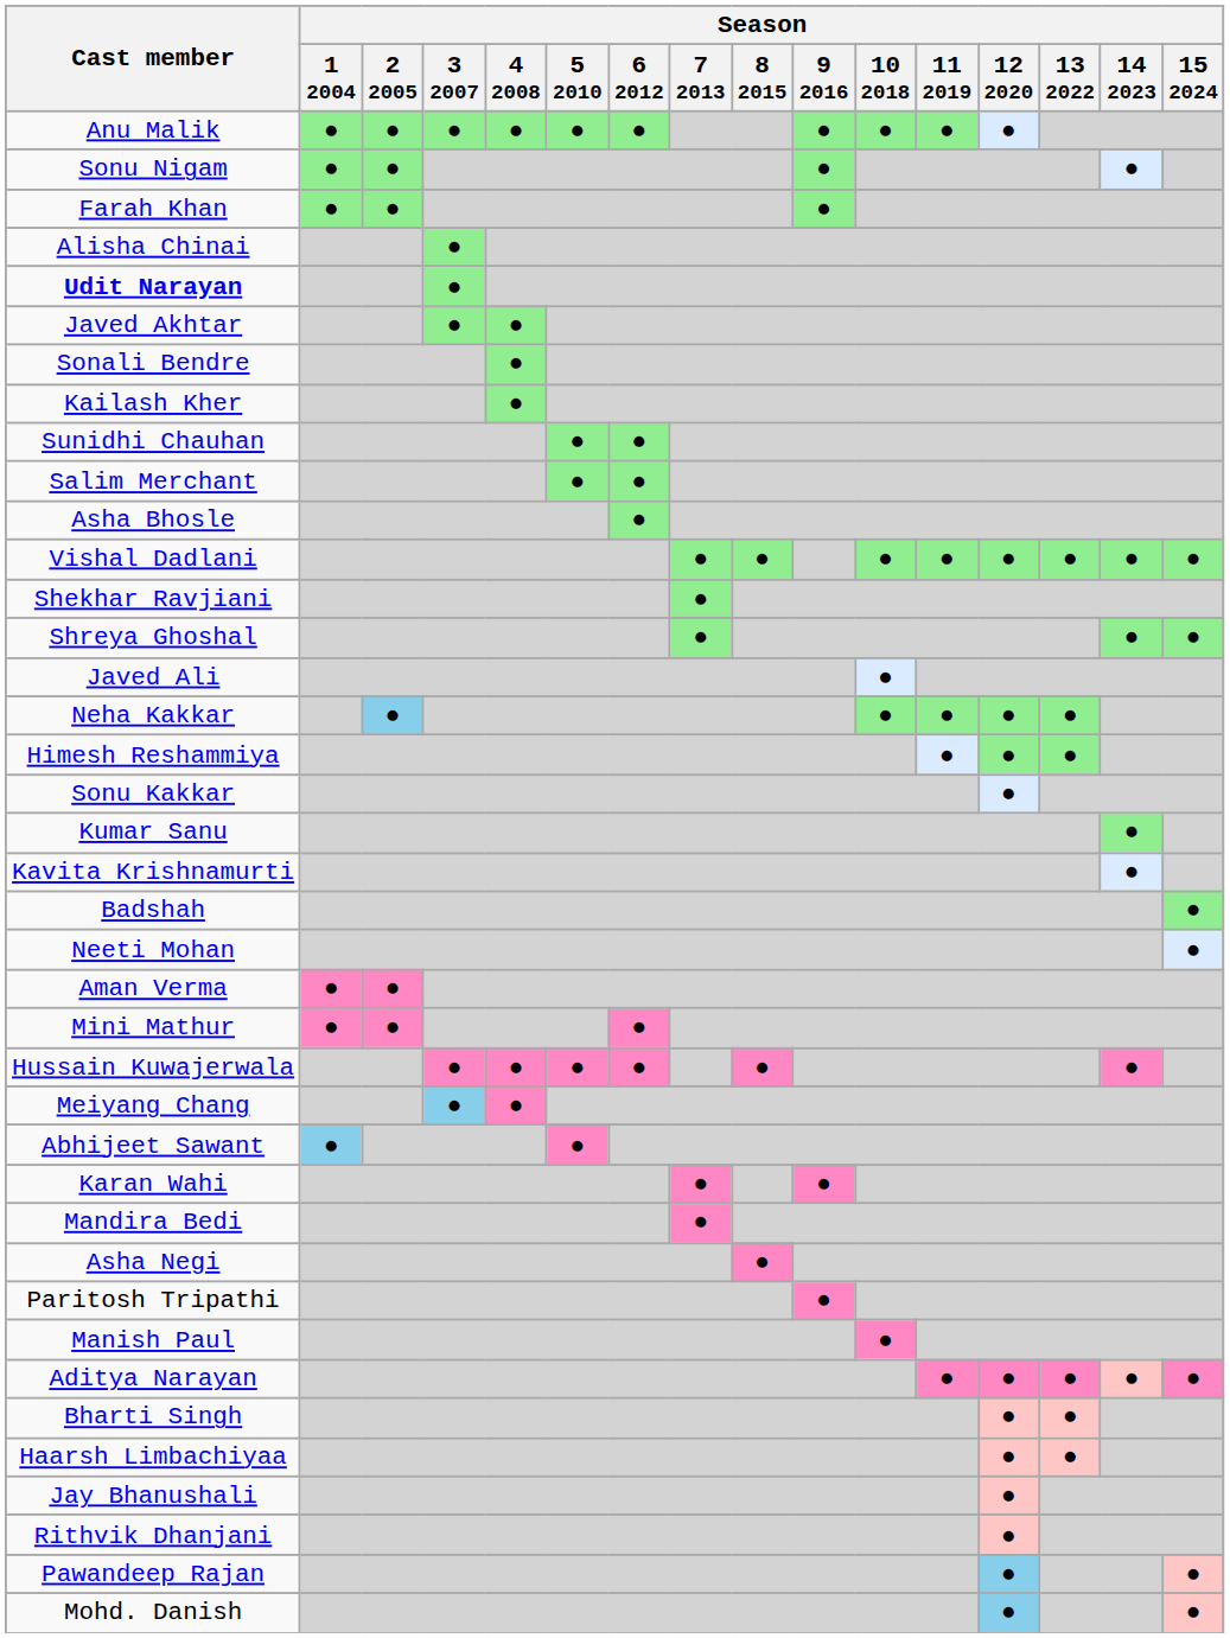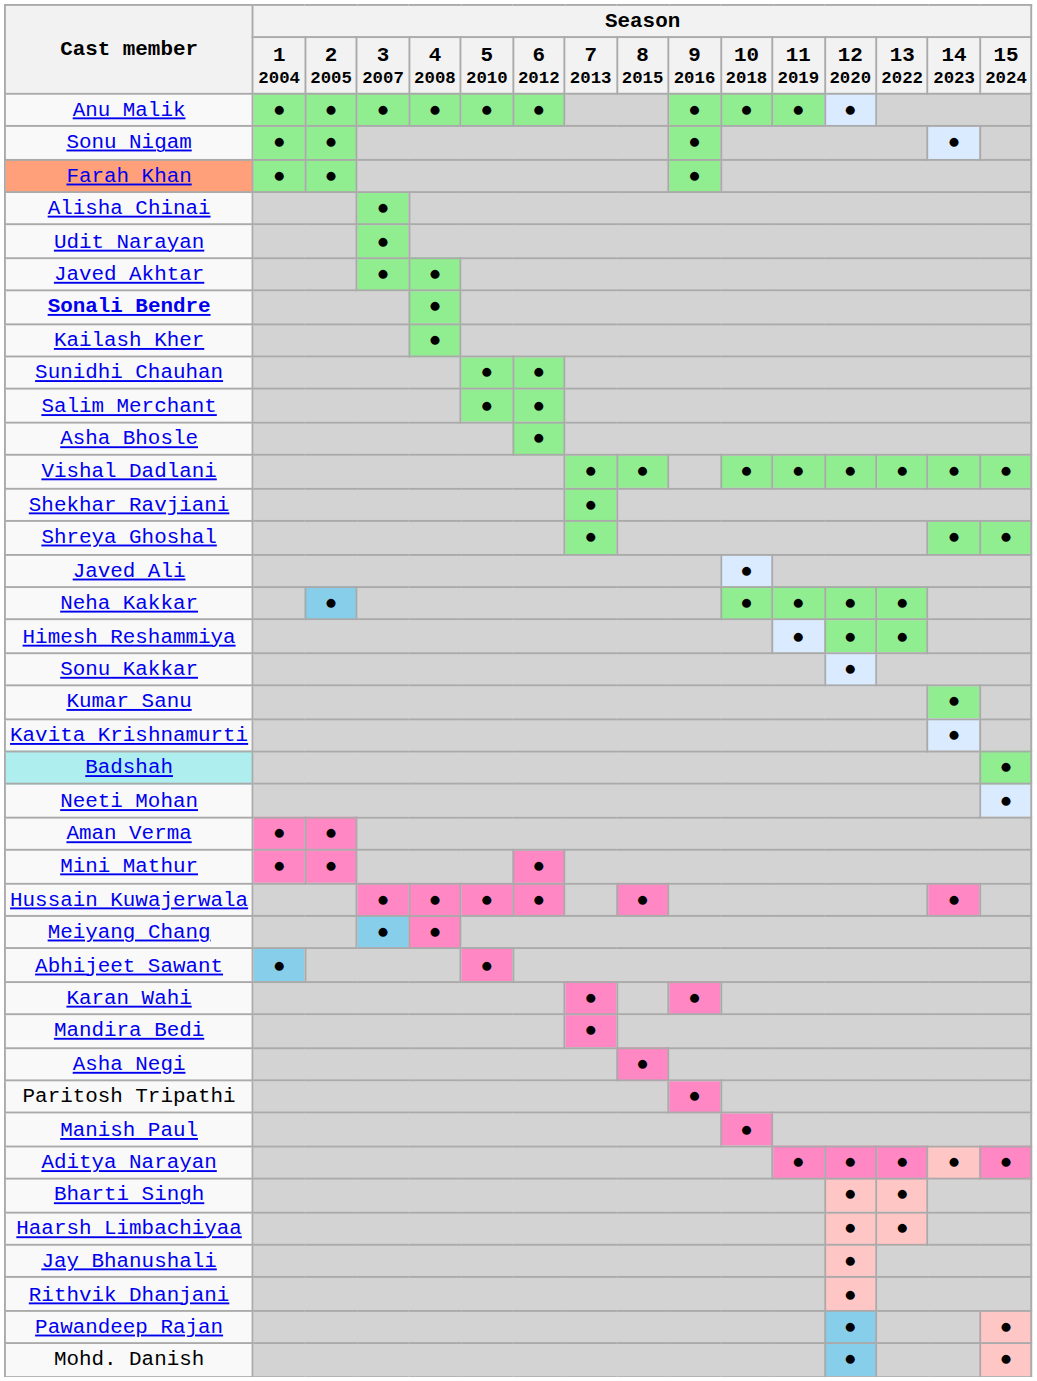 <table class="wikitable plainrowheaders collapsible mw-collapsible nowrap" style="text-align:center; font-size:85%">
 <tr>
 <th rowspan="2" scope="col">Cast member</th>
 <th colspan="15" style="text-align:center" scope="col">Season</th>
 </tr>
 <tr>
 <th width="15">1 <br><small>2004</small></th>
 <th width="15">2 <br><small>2005</small></th>
 <th width="15">3<br><small>2007</small></th>
 <th width="15">4 <br><small>2008</small></th>
 <th width="15">5 <br><small>2010</small></th>
 <th width="15">6 <br><small>2012</small></th>
 <th width="15">7 <br><small>2013</small></th>
 <th width="15">8 <br><small>2015</small></th>
 <th width="15">9 <br><small>2016</small></th>
 <th width="15">10 <br><small>2018</small></th>
 <th width="15">11 <br><small>2019</small></th>
 <th width="15">12 <br><small>2020</small></th>
 <th width="15">13 <br><small>2022</small></th>
 <th width="15">14 <br><small>2023</small></th>
 <th width="15">15 <br><small>2024</small></th>
 </tr>
 <tr>
 <td><a href='#'>Anu Malik</a></td>
 <td style="background:#90EE90">●</td>
 <td style="background:#90EE90">●</td>
 <td style="background:#90EE90">●</td>
 <td style="background:#90EE90">●</td>
 <td style="background:#90EE90">●</td>
 <td style="background:#90EE90">●</td>
 <td colspan="2" style="background:lightgrey"></td>
 <td style="background:#90EE90">●</td>
 <td style="background:#90EE90">●</td>
 <td style="background:#90EE90">●</td>
 <td style="background:#DAEBFF">●</td>
 <td colspan="3" style="background:lightgrey"></td>
 </tr>
 <tr>
 <td><a href='#'>Sonu Nigam</a></td>
 <td style="background:#90EE90">●</td>
 <td style="background:#90EE90">●</td>
 <td colspan="6" style="background:lightgrey"></td>
 <td style="background:#90EE90">●</td>
 <td colspan="4" style="background:lightgrey"></td>
 <td style="background:#DAEBFF">●</td>
 <td style="background:lightgrey"></td>
 </tr>
 <tr>
-<td><a href='#'>Farah Khan</a></td>
+<td style="background: lightsalmon;"><a href='#'>Farah Khan</a></td>
 <td style="background:#90EE90">●</td>
 <td style="background:#90EE90">●</td>
 <td colspan="6" style="background:lightgrey"></td>
 <td style="background:#90EE90">●</td>
 <td colspan="6" style="background:lightgrey"></td>
 </tr>
 <tr>
 <td><a href='#'>Alisha Chinai</a></td>
 <td colspan="2" style="background:lightgrey"></td>
 <td style="background:#90EE90">●</td>
 <td colspan="12" style="background:lightgrey"></td>
 </tr>
 <tr>
-<td><strong><a href='#'>Udit Narayan</a></strong></td>
+<td><a href='#'>Udit Narayan</a></td>
 <td colspan="2" style="background:lightgrey"></td>
 <td style="background:#90EE90">●</td>
 <td colspan="12" style="background:lightgrey"></td>
 </tr>
 <tr>
 <td><a href='#'>Javed Akhtar</a></td>
 <td colspan="2" style="background:lightgrey"></td>
 <td style="background:#90EE90">●</td>
 <td style="background:#90EE90">●</td>
 <td colspan="11" style="background:lightgrey"></td>
 </tr>
 <tr>
-<td><a href='#'>Sonali Bendre</a></td>
+<td><strong><a href='#'>Sonali Bendre</a></strong></td>
 <td colspan="3" style="background:lightgrey"></td>
 <td style="background:#90EE90">●</td>
 <td colspan="11" style="background:lightgrey"></td>
 </tr>
 <tr>
 <td><a href='#'>Kailash Kher</a></td>
 <td colspan="3" style="background:lightgrey"></td>
 <td style="background:#90EE90">●</td>
 <td colspan="11" style="background:lightgrey"></td>
 </tr>
 <tr>
 <td><a href='#'>Sunidhi Chauhan</a></td>
 <td colspan="4" style="background:lightgrey"></td>
 <td style="background:#90EE90">●</td>
 <td style="background:#90EE90">●</td>
 <td colspan="9" style="background:lightgrey"></td>
 </tr>
 <tr>
 <td><a href='#'>Salim Merchant</a></td>
 <td colspan="4" style="background:lightgrey"></td>
 <td style="background:#90EE90">●</td>
 <td style="background:#90EE90">●</td>
 <td colspan="9" style="background:lightgrey"></td>
 </tr>
 <tr>
 <td><a href='#'>Asha Bhosle</a></td>
 <td colspan="5" style="background:lightgrey"></td>
 <td style="background:#90EE90">●</td>
 <td colspan="9" style="background:lightgrey"></td>
 </tr>
 <tr>
 <td><a href='#'>Vishal Dadlani</a></td>
 <td colspan="6" style="background:lightgrey"></td>
 <td style="background:#90EE90">●</td>
 <td style="background:#90EE90">●</td>
 <td style="background:lightgrey"></td>
 <td style="background:#90EE90">●</td>
 <td style="background:#90EE90">●</td>
 <td style="background:#90EE90">●</td>
 <td style="background:#90EE90">●</td>
 <td style="background:#90EE90">●</td>
 <td style="background:#90EE90">●</td>
 </tr>
 <tr>
 <td><a href='#'>Shekhar Ravjiani</a></td>
 <td colspan="6" style="background:lightgrey"></td>
 <td style="background:#90EE90">●</td>
 <td colspan="8" style="background:lightgrey"></td>
 </tr>
 <tr>
 <td><a href='#'>Shreya Ghoshal</a></td>
 <td colspan="6" style="background:lightgrey"></td>
 <td style="background:#90EE90">●</td>
 <td colspan="6" style="background:lightgrey"></td>
 <td style="background:#90EE90">●</td>
 <td style="background:#90EE90">●</td>
 </tr>
 <tr>
 <td><a href='#'>Javed Ali</a></td>
 <td colspan="9" style="background:lightgrey"></td>
 <td style="background:#DAEBFF">●</td>
 <td colspan="5" style="background:lightgrey"></td>
 </tr>
 <tr>
 <td><a href='#'>Neha Kakkar</a></td>
 <td colspan="1" style="background:lightgrey"></td>
 <td style="background:#87CEEB">●</td>
 <td colspan="7" style="background:lightgrey"></td>
 <td style="background:#90EE90">●</td>
 <td style="background:#90EE90">●</td>
 <td style="background:#90EE90">●</td>
 <td style="background:#90EE90">●</td>
 <td colspan="2" style="background:lightgrey"></td>
 </tr>
 <tr>
 <td><a href='#'>Himesh Reshammiya</a></td>
 <td colspan="10" style="background:lightgrey"></td>
 <td style="background:#DAEBFF">●</td>
 <td style="background:#90EE90">●</td>
 <td style="background:#90EE90">●</td>
 <td colspan="2" style="background:lightgrey"></td>
 </tr>
 <tr>
 <td><a href='#'>Sonu Kakkar</a></td>
 <td colspan="11" style="background:lightgrey"></td>
 <td style="background:#DAEBFF">●</td>
 <td colspan="3" style="background:lightgrey"></td>
 </tr>
 <tr>
 <td><a href='#'>Kumar Sanu</a></td>
 <td colspan="13" style="background:lightgrey"></td>
 <td style="background:#90EE90">●</td>
 <td style="background:lightgrey"></td>
 </tr>
 <tr>
 <td><a href='#'>Kavita Krishnamurti</a></td>
 <td colspan="13" style="background:lightgrey"></td>
 <td style="background:#DAEBFF">●</td>
 <td style="background:lightgrey"></td>
 </tr>
 <tr>
-<td><a href='#'>Badshah</a></td>
+<td style="background: paleturquoise;"><a href='#'>Badshah</a></td>
 <td colspan="14" style="background:lightgrey"></td>
 <td style="background:#90EE90">●</td>
 </tr>
 <tr>
 <td><a href='#'>Neeti Mohan</a></td>
 <td colspan="14" style="background:lightgrey"></td>
 <td style="background:#DAEBFF">●</td>
 </tr>
 <tr>
 <td><a href='#'>Aman Verma</a></td>
 <td style="background:#FF87C3">●</td>
 <td style="background:#FF87C3">●</td>
 <td colspan="13" style="background:lightgrey"></td>
 </tr>
 <tr>
 <td><a href='#'>Mini Mathur</a></td>
 <td style="background:#FF87C3">●</td>
 <td style="background:#FF87C3">●</td>
 <td colspan="3" style="background:lightgrey"></td>
 <td style="background:#FF87C3">●</td>
 <td colspan="9" style="background:lightgrey"></td>
 </tr>
 <tr>
 <td><a href='#'>Hussain Kuwajerwala</a></td>
 <td colspan="2" style="background:lightgrey"></td>
 <td style="background:#FF87C3">●</td>
 <td style="background:#FF87C3">●</td>
 <td style="background:#FF87C3">●</td>
 <td style="background:#FF87C3">●</td>
 <td style="background:lightgrey"></td>
 <td style="background:#FF87C3">●</td>
 <td colspan="5" style="background:lightgrey"></td>
 <td style="background:#FF87C3">●</td>
 <td style="background:lightgrey"></td>
 </tr>
 <tr>
 <td><a href='#'>Meiyang Chang</a></td>
 <td colspan="2"  style="background:lightgrey"></td>
 <td style="background:#87CEEB">●</td>
 <td style="background:#FF87C3">●</td>
 <td colspan="11"  style="background:lightgrey"></td>
 </tr>
 <tr>
 <td><a href='#'>Abhijeet Sawant</a></td>
 <td style="background:#87CEEB">●</td>
 <td colspan="3"  style="background:lightgrey"></td>
 <td style="background:#FF87C3">●</td>
 <td colspan="10"  style="background:lightgrey"></td>
 </tr>
 <tr>
 <td><a href='#'>Karan Wahi</a></td>
 <td colspan="6" style="background:lightgrey"></td>
 <td style="background:#FF87C3">●</td>
 <td style="background:lightgrey"></td>
 <td style="background:#FF87C3">●</td>
 <td colspan="6"  style="background:lightgrey"></td>
 </tr>
 <tr>
 <td><a href='#'>Mandira Bedi</a></td>
 <td colspan="6"  style="background:lightgrey"></td>
 <td style="background:#FF87C3">●</td>
 <td colspan="8"  style="background:lightgrey"></td>
 </tr>
 <tr>
 <td><a href='#'>Asha Negi</a></td>
 <td colspan="7" style="background:lightgrey"></td>
 <td style="background:#FF87C3">●</td>
 <td colspan="7"  style="background:lightgrey"></td>
 </tr>
 <tr>
 <td>Paritosh Tripathi</td>
 <td colspan="8"  style="background:lightgrey"></td>
 <td style="background:#FF87C3">●</td>
 <td colspan="6"  style="background:lightgrey"></td>
 </tr>
 <tr>
 <td><a href='#'>Manish Paul</a></td>
 <td colspan="9"  style="background:lightgrey"></td>
 <td style="background:#FF87C3">●</td>
 <td colspan="5"  style="background:lightgrey"></td>
 </tr>
 <tr>
 <td><a href='#'>Aditya Narayan</a></td>
 <td colspan="10"  style="background:lightgrey"></td>
 <td style="background:#FF87C3">●</td>
 <td style="background:#FF87C3">●</td>
 <td style="background:#FF87C3">●</td>
 <td style="background:#FFC6C6">●</td>
 <td style="background:#FF87C3">●</td>
 </tr>
 <tr>
 <td><a href='#'>Bharti Singh</a></td>
 <td colspan="11"  style="background:lightgrey"></td>
 <td style="background:#FFC6C6">●</td>
 <td style="background:#FFC6C6">●</td>
 <td colspan="2"  style="background:lightgrey"></td>
 </tr>
 <tr>
 <td><a href='#'>Haarsh Limbachiyaa</a></td>
 <td colspan="11" style="background:lightgrey"></td>
 <td style="background:#FFC6C6">●</td>
 <td style="background:#FFC6C6">●</td>
 <td colspan="2"  style="background:lightgrey"></td>
 </tr>
 <tr>
 <td><a href='#'>Jay Bhanushali</a></td>
 <td colspan="11"  style="background:lightgrey"></td>
 <td style="background:#FFC6C6">●</td>
 <td colspan="3"  style="background:lightgrey"></td>
 </tr>
 <tr>
 <td><a href='#'>Rithvik Dhanjani</a></td>
 <td colspan="11" style="background:lightgrey"></td>
 <td style="background:#FFC6C6">●</td>
 <td colspan="3"  style="background:lightgrey"></td>
 </tr>
 <tr>
 <td><a href='#'>Pawandeep Rajan</a></td>
 <td colspan="11" style="background:lightgrey"></td>
 <td style="background:#87CEEB">●</td>
 <td colspan="2" style="background:lightgrey"></td>
 <td style="background:#FFC6C6">●</td>
 </tr>
 <tr>
 <td>Mohd. Danish</td>
 <td colspan="11" style="background:lightgrey"></td>
 <td style="background:#87CEEB">●</td>
 <td colspan="2" style="background:lightgrey"></td>
 <td style="background:#FFC6C6">●</td>
 </tr>
 </table>
